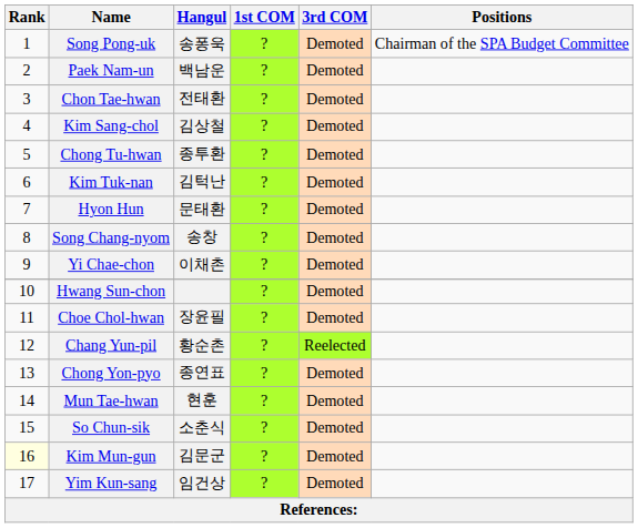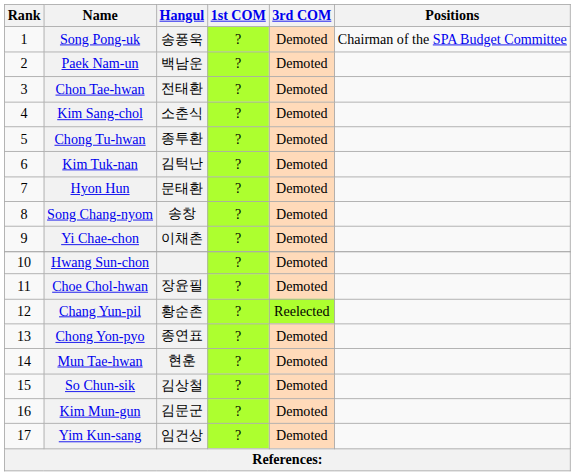 <table class="wikitable sortable">
 <tr>
 <th>Rank</th>
 <th>Name</th>
 <th class="unsortable"><a href='#'>Hangul</a></th>
 <th><a href='#'>1st COM</a></th>
 <th><a href='#'>3rd COM</a></th>
 <th>Positions</th>
 </tr>
 <tr>
 <td align="center">1</td>
 <th align="center" scope="row" style="font-weight:normal;"><a href='#'>Song Pong-uk</a></th>
 <th align="center" scope="row" style="font-weight:normal;">송퐁욱</th>
 <td align="center" style="background: GreenYellow">?</td>
 <td style="background: PeachPuff" align="center">Demoted</td>
 <td>Chairman of the <a href='#'>SPA Budget Committee</a></td>
 </tr>
 <tr>
 <td align="center">2</td>
 <th align="center" scope="row" style="font-weight:normal;"><a href='#'>Paek Nam-un</a></th>
 <th align="center" scope="row" style="font-weight:normal;">백남운</th>
 <td align="center" style="background: GreenYellow">?</td>
 <td style="background: PeachPuff" align="center">Demoted</td>
 <td></td>
 </tr>
 <tr>
 <td align="center">3</td>
 <th align="center" scope="row" style="font-weight:normal;"><a href='#'>Chon Tae-hwan</a></th>
 <th align="center" scope="row" style="font-weight:normal;">전태환</th>
 <td align="center" style="background: GreenYellow">?</td>
 <td style="background: PeachPuff" align="center">Demoted</td>
 <td></td>
 </tr>
 <tr>
 <td align="center">4</td>
 <th align="center" scope="row" style="font-weight:normal;"><a href='#'>Kim Sang-chol</a></th>
-<th align="center" scope="row" style="font-weight:normal;">김상철</th>
+<th align="center" scope="row" style="font-weight:normal;">소춘식</th>
 <td align="center" style="background: GreenYellow">?</td>
 <td style="background: PeachPuff" align="center">Demoted</td>
 <td></td>
 </tr>
 <tr>
 <td align="center">5</td>
 <th align="center" scope="row" style="font-weight:normal;"><a href='#'>Chong Tu-hwan</a></th>
 <th align="center" scope="row" style="font-weight:normal;">종투환</th>
 <td align="center" style="background: GreenYellow">?</td>
 <td style="background: PeachPuff" align="center">Demoted</td>
 <td></td>
 </tr>
 <tr>
 <td align="center">6</td>
 <th align="center" scope="row" style="font-weight:normal;"><a href='#'>Kim Tuk-nan</a></th>
 <th align="center" scope="row" style="font-weight:normal;">김턱난</th>
 <td align="center" style="background: GreenYellow">?</td>
 <td style="background: PeachPuff" align="center">Demoted</td>
 <td></td>
 </tr>
 <tr>
 <td align="center">7</td>
 <th align="center" scope="row" style="font-weight:normal;"><a href='#'>Hyon Hun</a></th>
 <th align="center" scope="row" style="font-weight:normal;">문태환</th>
 <td align="center" style="background: GreenYellow">?</td>
 <td style="background: PeachPuff" align="center">Demoted</td>
 <td></td>
 </tr>
 <tr>
 <td align="center">8</td>
 <th align="center" scope="row" style="font-weight:normal;"><a href='#'>Song Chang-nyom</a></th>
 <th align="center" scope="row" style="font-weight:normal;">송창</th>
 <td align="center" style="background: GreenYellow">?</td>
 <td style="background: PeachPuff" align="center">Demoted</td>
 <td></td>
 </tr>
 <tr>
 <td align="center">9</td>
 <th align="center" scope="row" style="font-weight:normal;"><a href='#'>Yi Chae-chon</a></th>
 <th align="center" scope="row" style="font-weight:normal;">이채촌</th>
 <td align="center" style="background: GreenYellow">?</td>
 <td style="background: PeachPuff" align="center">Demoted</td>
 <td></td>
 </tr>
 <tr>
 </tr>
 <tr>
 <td align="center">10</td>
 <th align="center" scope="row" style="font-weight:normal;"><a href='#'>Hwang Sun-chon</a></th>
 <th align="center" scope="row" style="font-weight:normal;"></th>
 <td align="center" style="background: GreenYellow">?</td>
 <td style="background: PeachPuff" align="center">Demoted</td>
 <td></td>
 </tr>
 <tr>
 <td align="center">11</td>
 <th align="center" scope="row" style="font-weight:normal;"><a href='#'>Choe Chol-hwan</a></th>
 <th align="center" scope="row" style="font-weight:normal;">장윤필</th>
 <td align="center" style="background: GreenYellow">?</td>
 <td style="background: PeachPuff" align="center">Demoted</td>
 <td></td>
 </tr>
 <tr>
 <td align="center">12</td>
 <th align="center" scope="row" style="font-weight:normal;"><a href='#'>Chang Yun-pil</a></th>
 <th align="center" scope="row" style="font-weight:normal;">황순촌</th>
 <td align="center" style="background: GreenYellow">?</td>
 <td align="center" style="background: GreenYellow">Reelected</td>
 <td></td>
 </tr>
 <tr>
 <td align="center">13</td>
 <th align="center" scope="row" style="font-weight:normal;"><a href='#'>Chong Yon-pyo</a></th>
 <th align="center" scope="row" style="font-weight:normal;">종연표</th>
 <td align="center" style="background: GreenYellow">?</td>
 <td style="background: PeachPuff" align="center">Demoted</td>
 <td></td>
 </tr>
 <tr>
 <td align="center">14</td>
 <th align="center" scope="row" style="font-weight:normal;"><a href='#'>Mun Tae-hwan</a></th>
 <th align="center" scope="row" style="font-weight:normal;">현훈</th>
 <td align="center" style="background: GreenYellow">?</td>
 <td style="background: PeachPuff" align="center">Demoted</td>
 <td></td>
 </tr>
 <tr>
 <td align="center">15</td>
 <th align="center" scope="row" style="font-weight:normal;"><a href='#'>So Chun-sik</a></th>
-<th align="center" scope="row" style="font-weight:normal;">소춘식</th>
+<th align="center" scope="row" style="font-weight:normal;">김상철</th>
 <td align="center" style="background: GreenYellow">?</td>
 <td style="background: PeachPuff" align="center">Demoted</td>
 <td></td>
 </tr>
 <tr>
-<td align="center" style="background: lightyellow;">16</td>
+<td align="center">16</td>
 <th align="center" scope="row" style="font-weight:normal;"><a href='#'>Kim Mun-gun</a></th>
 <th align="center" scope="row" style="font-weight:normal;">김문군</th>
 <td align="center" style="background: GreenYellow">?</td>
 <td style="background: PeachPuff" align="center">Demoted</td>
 <td></td>
 </tr>
 <tr>
 <td align="center">17</td>
 <th align="center" scope="row" style="font-weight:normal;"><a href='#'>Yim Kun-sang</a></th>
 <th align="center" scope="row" style="font-weight:normal;">임건상</th>
 <td align="center" style="background: GreenYellow">?</td>
 <td style="background: PeachPuff" align="center">Demoted</td>
 <td></td>
 </tr>
 <tr>
 <th colspan="6" unsortable><strong>References:</strong><br></th>
 </tr>
 </table>
